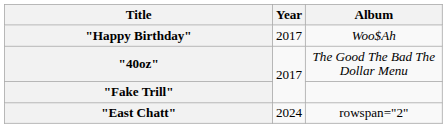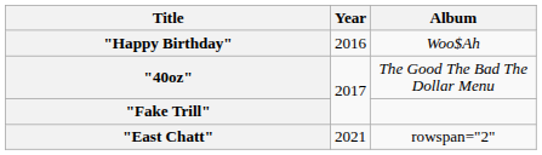 <table class="wikitable plainrowheaders" style="text-align:center;">
 <tr>
 <th scope="col" style="width:20em;">Title</th>
 <th scope="col">Year</th>
 <th scope="col" style="width:10em;">Album</th>
 </tr>
 <tr>
 <th scope="row">"Happy Birthday"<br></th>
-<td>2017</td>
+<td>2016</td>
 <td><em>Woo$Ah</em></td>
 </tr>
 <tr>
 <th scope="row">"40oz"<br></th>
 <td rowspan="2">2017</td>
 <td><em>The Good The Bad The Dollar Menu</em></td>
 </tr>
 <tr>
 <th scope="row">"Fake Trill"<br></th>
 </tr>
 <tr>
 <th scope="row">"East Chatt"<br></th>
-<td>2024</td>
+<td>2021</td>
 <td>rowspan="2" </td>
 </tr>
 </table>
